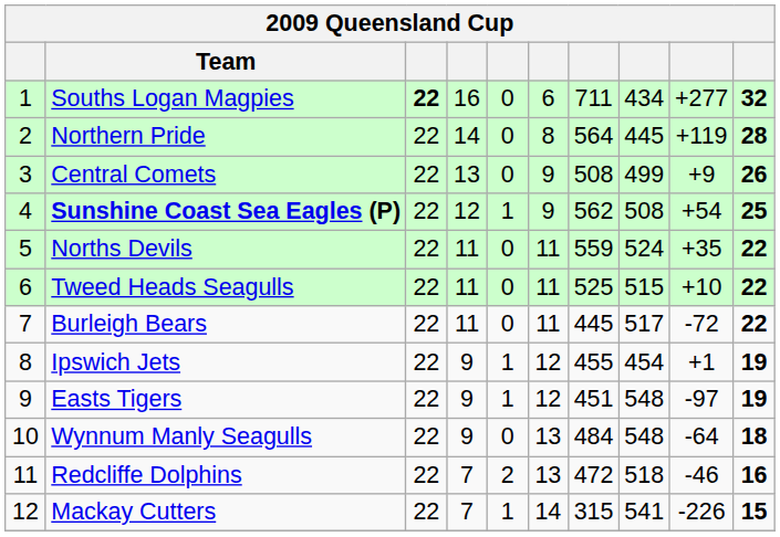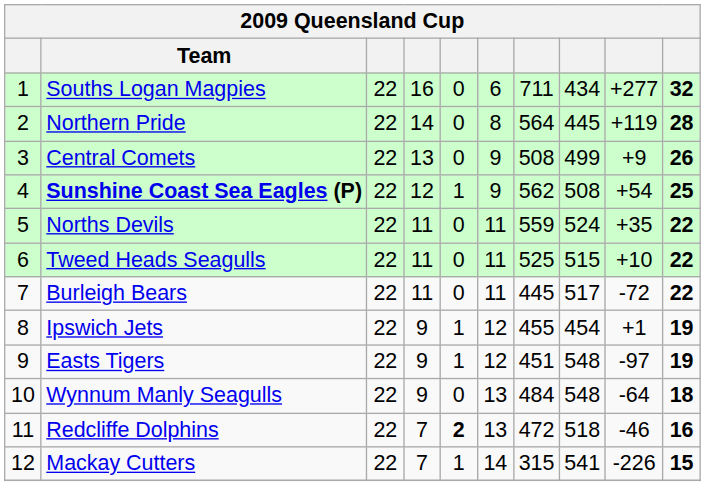 <table class="wikitable" style="text-align:center;">
 <tr>
 <th colspan="11">2009 Queensland Cup</th>
 </tr>
 <tr>
 <th width="20"></th>
 <th>Team</th>
 <th width="20"></th>
 <th width="20"></th>
 <th width="20"></th>
 <th width="20"></th>
 <th width="25"></th>
 <th width="25"></th>
 <th width="30"></th>
 <th width="20"></th>
 </tr>
 <tr style="background: #ccffcc;">
 <td>1</td>
 <td style="text-align:left;"> <a href='#'>Souths Logan Magpies</a></td>
-<td><strong>22</strong></td>
+<td>22</td>
 <td>16</td>
 <td>0</td>
 <td>6</td>
 <td>711</td>
 <td>434</td>
 <td>+277</td>
 <td><strong>32</strong></td>
 </tr>
 <tr style="background: #ccffcc;">
 <td>2</td>
 <td style="text-align:left;"> <a href='#'>Northern Pride</a></td>
 <td>22</td>
 <td>14</td>
 <td>0</td>
 <td>8</td>
 <td>564</td>
 <td>445</td>
 <td>+119</td>
 <td><strong>28</strong></td>
 </tr>
 <tr style="background: #ccffcc;">
 <td>3</td>
 <td style="text-align:left;"> <a href='#'>Central Comets</a></td>
 <td>22</td>
 <td>13</td>
 <td>0</td>
 <td>9</td>
 <td>508</td>
 <td>499</td>
 <td>+9</td>
 <td><strong>26</strong></td>
 </tr>
 <tr style="background: #ccffcc;">
 <td>4</td>
 <td style="text-align:left;"> <strong><a href='#'>Sunshine Coast Sea Eagles</a> (P)</strong></td>
 <td>22</td>
 <td>12</td>
 <td>1</td>
 <td>9</td>
 <td>562</td>
 <td>508</td>
 <td>+54</td>
 <td><strong>25</strong></td>
 </tr>
 <tr style="background: #ccffcc;">
 <td>5</td>
 <td style="text-align:left;"> <a href='#'>Norths Devils</a></td>
 <td>22</td>
 <td>11</td>
 <td>0</td>
 <td>11</td>
 <td>559</td>
 <td>524</td>
 <td>+35</td>
 <td><strong>22</strong></td>
 </tr>
 <tr style="background: #ccffcc;">
 <td>6</td>
 <td style="text-align:left;"> <a href='#'>Tweed Heads Seagulls</a></td>
 <td>22</td>
 <td>11</td>
 <td>0</td>
 <td>11</td>
 <td>525</td>
 <td>515</td>
 <td>+10</td>
 <td><strong>22</strong></td>
 </tr>
 <tr>
 <td>7</td>
 <td style="text-align:left;"> <a href='#'>Burleigh Bears</a></td>
 <td>22</td>
 <td>11</td>
 <td>0</td>
 <td>11</td>
 <td>445</td>
 <td>517</td>
 <td>-72</td>
 <td><strong>22</strong></td>
 </tr>
 <tr>
 <td>8</td>
 <td style="text-align:left;"> <a href='#'>Ipswich Jets</a></td>
 <td>22</td>
 <td>9</td>
 <td>1</td>
 <td>12</td>
 <td>455</td>
 <td>454</td>
 <td>+1</td>
 <td><strong>19</strong></td>
 </tr>
 <tr>
 <td>9</td>
 <td style="text-align:left;"> <a href='#'>Easts Tigers</a></td>
 <td>22</td>
 <td>9</td>
 <td>1</td>
 <td>12</td>
 <td>451</td>
 <td>548</td>
 <td>-97</td>
 <td><strong>19</strong></td>
 </tr>
 <tr>
 <td>10</td>
 <td style="text-align:left;"> <a href='#'>Wynnum Manly Seagulls</a></td>
 <td>22</td>
 <td>9</td>
 <td>0</td>
 <td>13</td>
 <td>484</td>
 <td>548</td>
 <td>-64</td>
 <td><strong>18</strong></td>
 </tr>
 <tr>
 <td>11</td>
 <td style="text-align:left;"> <a href='#'>Redcliffe Dolphins</a></td>
 <td>22</td>
 <td>7</td>
-<td>2</td>
+<td><strong>2</strong></td>
 <td>13</td>
 <td>472</td>
 <td>518</td>
 <td>-46</td>
 <td><strong>16</strong></td>
 </tr>
 <tr>
 <td>12</td>
 <td style="text-align:left;"> <a href='#'>Mackay Cutters</a></td>
 <td>22</td>
 <td>7</td>
 <td>1</td>
 <td>14</td>
 <td>315</td>
 <td>541</td>
 <td>-226</td>
 <td><strong>15</strong></td>
 </tr>
 <tr>
 </tr>
 </table>
